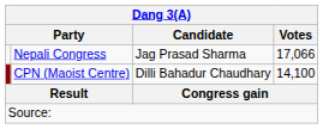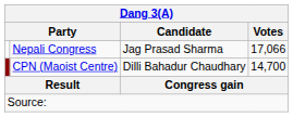 <table class="wikitable">
 <tr>
 <th colspan="4"><a href='#'>Dang 3(A)</a></th>
 </tr>
 <tr>
 <th colspan="2">Party</th>
 <th>Candidate</th>
 <th>Votes</th>
 </tr>
 <tr>
 <td style="background-color:"></td>
 <td><a href='#'>Nepali Congress</a></td>
 <td>Jag Prasad Sharma</td>
 <td>17,066</td>
 </tr>
 <tr>
 <td style="background-color:darkred"></td>
 <td><a href='#'>CPN (Maoist Centre)</a></td>
 <td>Dilli Bahadur Chaudhary</td>
-<td>14,100</td>
+<td>14,700</td>
 </tr>
 <tr>
 <th colspan="2">Result</th>
 <th colspan="2">Congress gain</th>
 </tr>
 <tr>
 <td colspan="4">Source: </td>
 </tr>
 </table>
